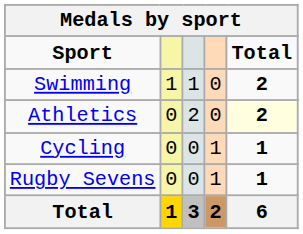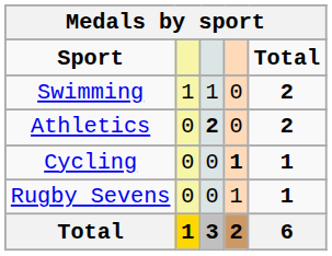 <table class="wikitable" style="font-size:85%">
 <tr style="background:#efefef;">
 <th colspan=7><strong>Medals by sport</strong></th>
 </tr>
 <tr align=center>
 <td><strong>Sport</strong></td>
 <td bgcolor=#f7f6a8></td>
 <td bgcolor=#dce5e5></td>
 <td bgcolor=#ffdab9></td>
 <td><strong>Total</strong></td>
 </tr>
 <tr align=center>
 <td><a href='#'>Swimming</a></td>
 <td style="background:#F7F6A8;">1</td>
 <td style="background:#DCE5E5;">1</td>
 <td style="background:#FFDAB9;">0</td>
 <td><strong>2</strong></td>
 </tr>
 <tr align=center>
 <td><a href='#'>Athletics</a></td>
 <td style="background:#F7F6A8;">0</td>
-<td style="background:#DCE5E5;">2</td>
+<td style="background:#DCE5E5;"><strong>2</strong></td>
 <td style="background:#FFDAB9;">0</td>
-<td style="background: lightyellow;"><strong>2</strong></td>
+<td><strong>2</strong></td>
 </tr>
 <tr align=center>
 <td><a href='#'>Cycling</a></td>
 <td style="background:#F7F6A8;">0</td>
 <td style="background:#DCE5E5;">0</td>
-<td style="background:#FFDAB9;">1</td>
+<td style="background:#FFDAB9;"><strong>1</strong></td>
 <td><strong>1</strong></td>
 </tr>
 <tr align=center>
 <td><a href='#'>Rugby Sevens</a></td>
 <td style="background:#F7F6A8;">0</td>
 <td style="background:#DCE5E5;">0</td>
 <td style="background:#FFDAB9;">1</td>
 <td><strong>1</strong></td>
 </tr>
 <tr align=center>
 <th><strong>Total</strong></th>
 <th style="background:gold;"><strong>1</strong></th>
 <th style="background:silver;"><strong>3</strong></th>
 <th style="background:#c96;"><strong>2</strong></th>
 <th><strong>6</strong></th>
 </tr>
 </table>
